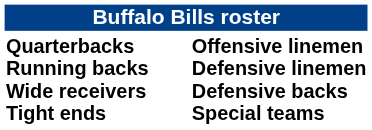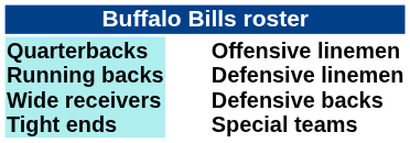 <table class="toccolours" style="text-align: left;">
 <tr>
 <th colspan="7" style="background-color: #004089;color:white;text-align:center;">Buffalo Bills roster</th>
 </tr>
 <tr>
-<td style="font-size: 95%;" valign="top"><strong>Quarterbacks</strong><br><strong>Running backs</strong><br><strong>Wide receivers</strong><br><strong>Tight ends</strong></td>
+<td style="background: paleturquoise; font-size: 95%;" valign="top"><strong>Quarterbacks</strong><br><strong>Running backs</strong><br><strong>Wide receivers</strong><br><strong>Tight ends</strong></td>
 <td style="width: 25px;"></td>
 <td style="font-size: 95%;" valign="top"><strong>Offensive linemen</strong><br><strong>Defensive linemen</strong><br><strong>Defensive backs</strong><br><strong>Special teams</strong></td>
 </tr>
 <tr>
 </tr>
 </table>
